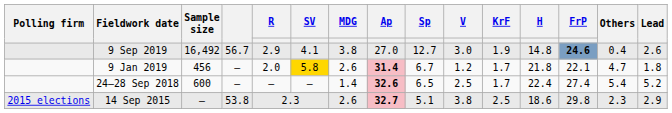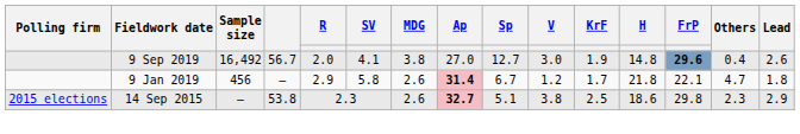 <table class="wikitable sortable" style="text-align:center;font-size:90%;line-height:14px;">
 <tr style="height:40px;">
 <th style="width:100px;" rowspan="2">Polling firm</th>
 <th style="width:100px;" rowspan="2">Fieldwork date</th>
 <th style="width:35px;" rowspan="2">Sample<br>size</th>
 <th style="width:30px;" rowspan="2"></th>
 <th class="unsortable" style="width:40px;"><a href='#'>R</a></th>
 <th class="unsortable" style="width:40px;"><a href='#'>SV</a></th>
 <th class="unsortable" style="width:40px;"><a href='#'>MDG</a></th>
 <th class="unsortable" style="width:40px;"><a href='#'>Ap</a></th>
 <th class="unsortable" style="width:40px;"><a href='#'>Sp</a></th>
 <th class="unsortable" style="width:40px;"><a href='#'>V</a></th>
 <th class="unsortable" style="width:40px;"><a href='#'>KrF</a></th>
 <th class="unsortable" style="width:40px;"><a href='#'>H</a></th>
 <th class="unsortable" style="width:40px;"><a href='#'>FrP</a></th>
 <th class="unsortable" style="width:30px;" rowspan="2">Others</th>
 <th style="width:30px;" rowspan="2">Lead</th>
 </tr>
 <tr>
 <th style="background:"></th>
 <th style="background:"></th>
 <th style="background:"></th>
 <th style="background:"></th>
 <th style="background:"></th>
 <th style="background:"></th>
 <th style="background:"></th>
 <th style="background:"></th>
 <th style="background:"></th>
 </tr>
 <tr style="background:#E9E9E9;">
 <td></td>
 <td data-sort-value="2019-09-09">9 Sep 2019</td>
 <td>16,492</td>
 <td>56.7</td>
-<td>2.9</td>
+<td>2.0</td>
 <td>4.1</td>
 <td>3.8</td>
 <td>27.0</td>
 <td>12.7</td>
 <td>3.0</td>
 <td>1.9</td>
 <td>14.8</td>
-<td style="background:#7a9ec2"><strong>24.6</strong></td>
+<td style="background:#7a9ec2"><strong>29.6</strong></td>
 <td>0.4</td>
 <td style="background:">2.6</td>
 </tr>
 <tr>
 <td></td>
 <td data-sort-value="2019-01-09">9 Jan 2019</td>
 <td>456</td>
 <td>–</td>
-<td>2.0</td>
-<td style="background: gold;">5.8</td>
+<td>2.9</td>
+<td>5.8</td>
 <td>2.6</td>
 <td style="background:#F7BDC5;"><strong>31.4</strong></td>
 <td>6.7</td>
 <td>1.2</td>
 <td>1.7</td>
 <td>21.8</td>
 <td>22.1</td>
 <td>4.7</td>
 <td style="background:">1.8</td>
-</tr>
-<tr>
-<td></td>
-<td data-sort-value="2018-09-28">24–28 Sep 2018</td>
-<td>600</td>
-<td>–</td>
-<td>–</td>
-<td>–</td>
-<td>1.4</td>
-<td style="background:#F7BDC5;"><strong>32.6</strong></td>
-<td>6.5</td>
-<td>2.5</td>
-<td>1.7</td>
-<td>22.4</td>
-<td>27.4</td>
-<td>5.4</td>
-<td style="background:">5.2</td>
 </tr>
 <tr style="background:#E9E9E9;">
 <td><a href='#'>2015 elections</a></td>
 <td data-sort-value="2015-09-14">14 Sep 2015</td>
 <td>–</td>
 <td>53.8</td>
 <td colspan="2">2.3</td>
 <td>2.6</td>
 <td style="background:#F7BDC5;"><strong>32.7</strong></td>
 <td>5.1</td>
 <td>3.8</td>
 <td>2.5</td>
 <td>18.6</td>
 <td>29.8</td>
 <td>2.3</td>
 <td style="background:">2.9</td>
 </tr>
 </table>
